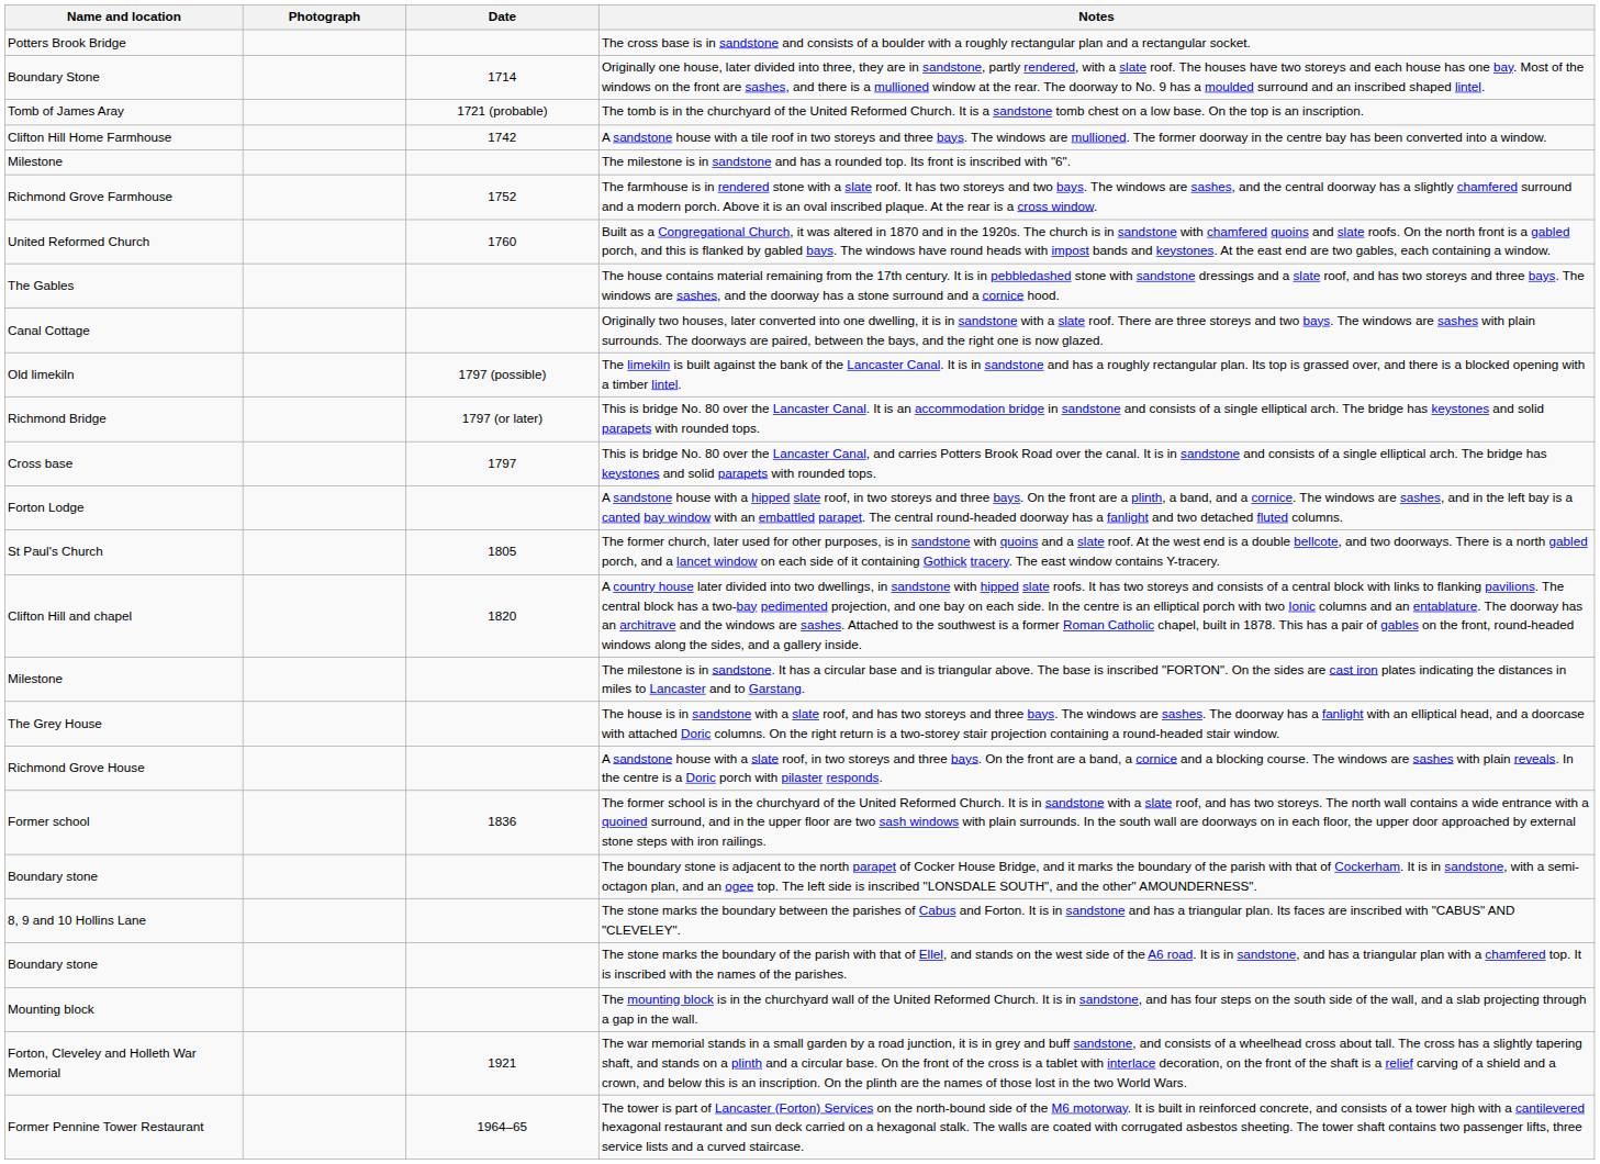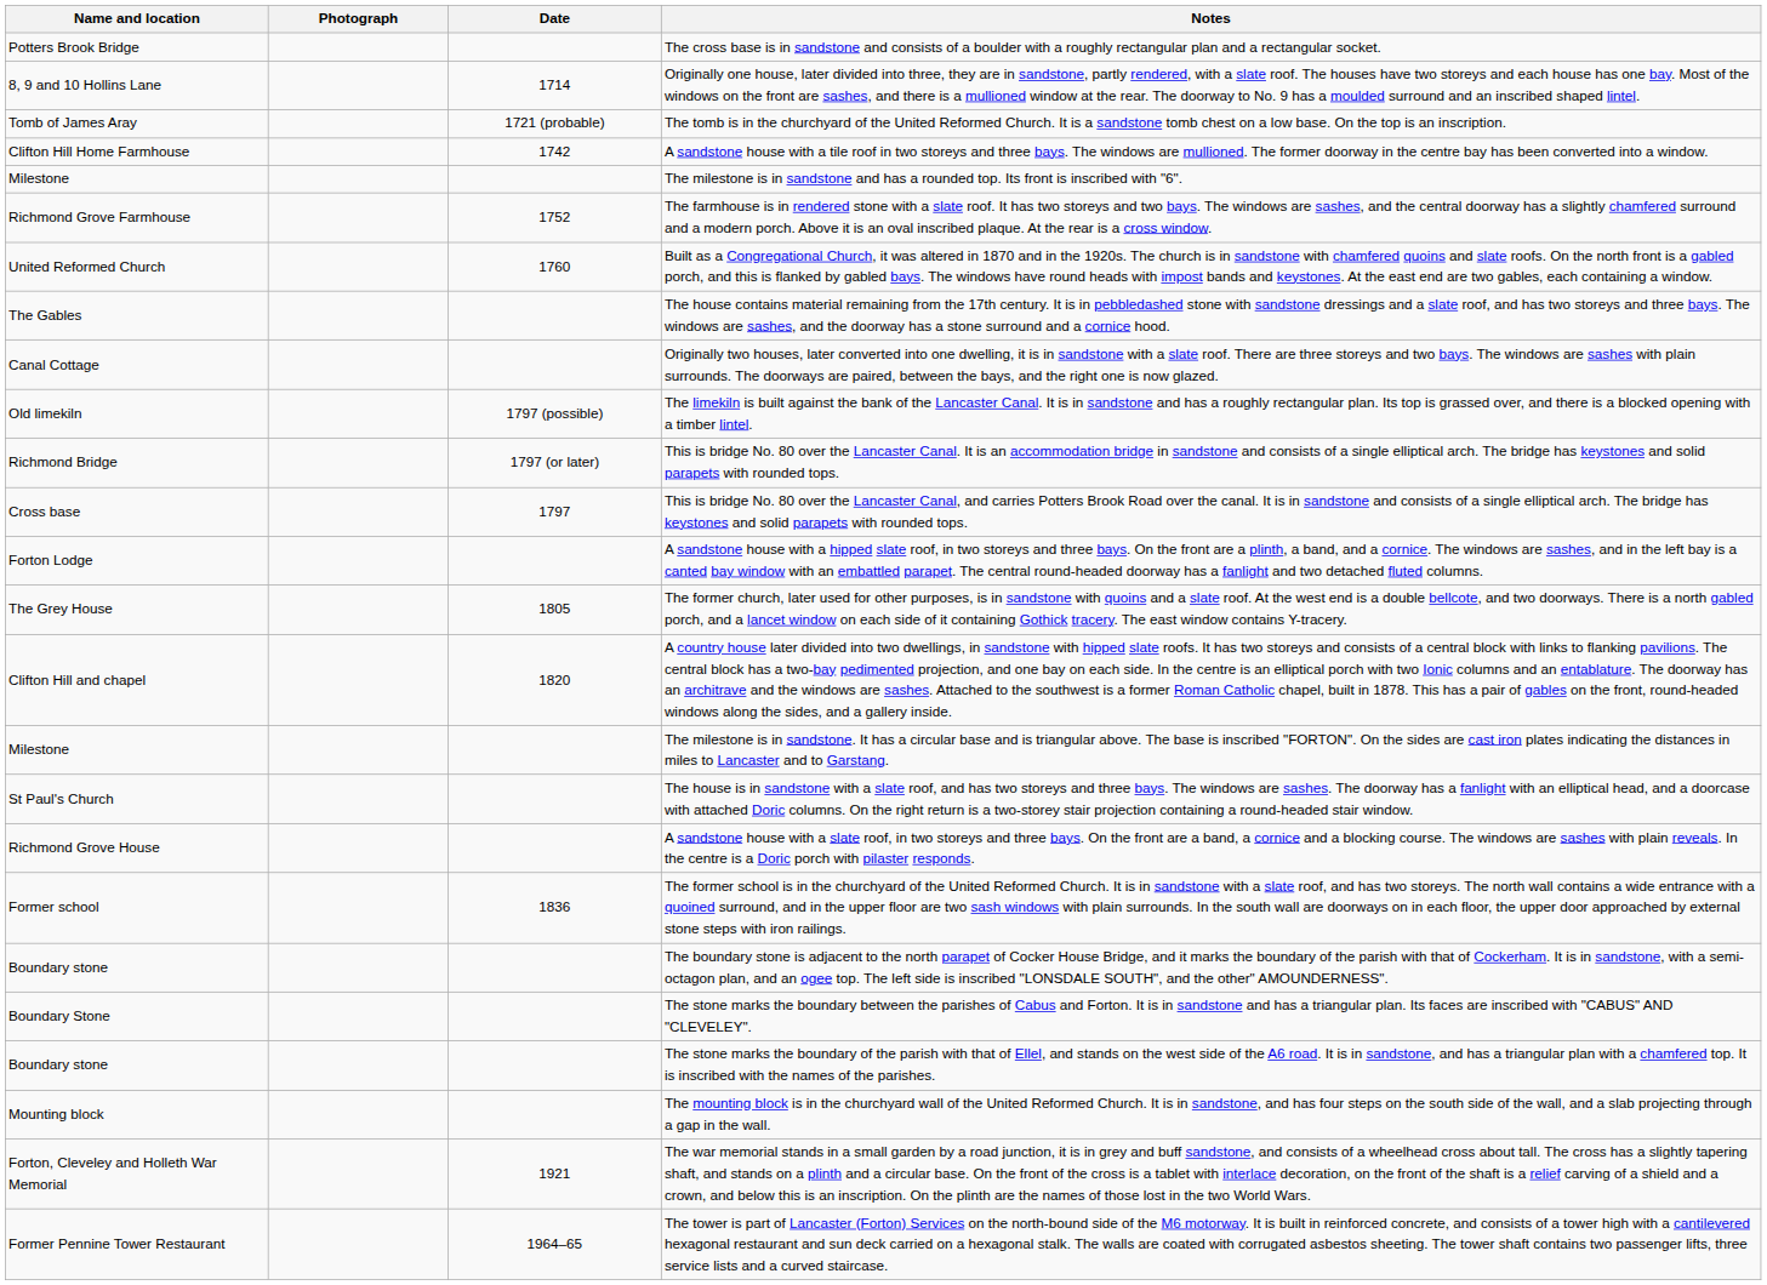 <table class="wikitable sortable plainrowheaders" style="width:100%;border:0px;text-align:left;line-height:150%;">
 <tr>
 <th scope="col"  style="width:150px">Name and location</th>
 <th scope="col"  style="width:100px" class="unsortable">Photograph</th>
 <th scope="col"  style="width:120px">Date</th>
 <th scope="col"  style="width:650px" class="unsortable">Notes</th>
 </tr>
 <tr>
 <td>Potters Brook Bridge<br><small></small></td>
 <td></td>
 <td align="center"></td>
 <td>The cross base is in <a href='#'>sandstone</a> and consists of a boulder with a roughly rectangular plan and a rectangular socket.</td>
 </tr>
 <tr>
-<td>Boundary Stone<br><small></small></td>
+<td>8, 9 and 10 Hollins Lane<br><small></small></td>
 <td></td>
 <td align="center">1714</td>
 <td>Originally one house, later divided into three, they are in <a href='#'>sandstone</a>, partly <a href='#'>rendered</a>, with a <a href='#'>slate</a> roof.  The houses have two storeys and each house has one <a href='#'>bay</a>.  Most of the windows on the front are <a href='#'>sashes</a>, and there is a <a href='#'>mullioned</a> window at the rear.  The doorway to No. 9 has a <a href='#'>moulded</a> surround and an inscribed shaped <a href='#'>lintel</a>.</td>
 </tr>
 <tr>
 <td>Tomb of James Aray<br><small></small></td>
 <td></td>
 <td align="center">1721 (probable)</td>
 <td>The tomb is in the churchyard of the United Reformed Church. It is a <a href='#'>sandstone</a> tomb chest on a low base.  On the top is an inscription.</td>
 </tr>
 <tr>
 <td>Clifton Hill Home Farmhouse<br><small></small></td>
 <td></td>
 <td align="center">1742</td>
 <td>A <a href='#'>sandstone</a> house with a tile roof in two storeys and three <a href='#'>bays</a>.  The windows are <a href='#'>mullioned</a>.  The former doorway in the centre bay has been converted into a window.</td>
 </tr>
 <tr>
 <td>Milestone<br><small></small></td>
 <td></td>
 <td align="center"></td>
 <td>The milestone is in <a href='#'>sandstone</a> and has a rounded top.  Its front is inscribed with "6".</td>
 </tr>
 <tr>
 <td>Richmond Grove Farmhouse<br><small></small></td>
 <td></td>
 <td align="center">1752</td>
 <td>The farmhouse is in <a href='#'>rendered</a> stone with a <a href='#'>slate</a> roof.  It has two storeys and two <a href='#'>bays</a>.  The windows are <a href='#'>sashes</a>, and the central doorway has a slightly <a href='#'>chamfered</a> surround and a modern porch.  Above it is an oval inscribed plaque. At the rear is a <a href='#'>cross window</a>.</td>
 </tr>
 <tr>
 <td>United Reformed Church<br><small></small></td>
 <td></td>
 <td align="center">1760</td>
 <td>Built as a <a href='#'>Congregational Church</a>, it was altered in 1870 and in the 1920s.  The church is in <a href='#'>sandstone</a> with <a href='#'>chamfered</a> <a href='#'>quoins</a> and <a href='#'>slate</a> roofs.  On the north front is a <a href='#'>gabled</a> porch, and this is flanked by gabled <a href='#'>bays</a>.  The windows have round heads with <a href='#'>impost</a> bands and <a href='#'>keystones</a>.  At the east end are two gables, each containing a window.</td>
 </tr>
 <tr>
 <td>The Gables<br><small></small></td>
 <td></td>
 <td align="center"></td>
 <td>The house contains material remaining from the 17th century.  It is in <a href='#'>pebbledashed</a> stone with <a href='#'>sandstone</a> dressings and a <a href='#'>slate</a> roof, and has two storeys and three <a href='#'>bays</a>.  The windows are <a href='#'>sashes</a>, and the doorway has a stone surround and a <a href='#'>cornice</a> hood.</td>
 </tr>
 <tr>
 <td>Canal Cottage<br><small></small></td>
 <td></td>
 <td align="center"></td>
 <td>Originally two houses, later converted into one dwelling, it is in <a href='#'>sandstone</a> with a <a href='#'>slate</a> roof.  There are three storeys and two <a href='#'>bays</a>.  The windows are <a href='#'>sashes</a> with plain surrounds.  The doorways are paired, between the bays, and the right one is now glazed.</td>
 </tr>
 <tr>
 <td>Old limekiln<br><small></small></td>
 <td></td>
 <td align="center">1797 (possible)</td>
 <td>The <a href='#'>limekiln</a> is built against the bank of the <a href='#'>Lancaster Canal</a>.  It is in <a href='#'>sandstone</a> and has a roughly rectangular plan.  Its top is grassed over, and there is a blocked opening with a timber <a href='#'>lintel</a>.</td>
 </tr>
 <tr>
 <td>Richmond Bridge<br><small></small></td>
 <td></td>
 <td align="center">1797 (or later)</td>
 <td>This is bridge No. 80 over the <a href='#'>Lancaster Canal</a>.  It is an <a href='#'>accommodation bridge</a> in <a href='#'>sandstone</a> and consists of a single elliptical arch.  The bridge has <a href='#'>keystones</a> and solid <a href='#'>parapets</a> with rounded tops.</td>
 </tr>
 <tr>
 <td>Cross base<br><small></small></td>
 <td></td>
 <td align="center">1797</td>
 <td>This is bridge No. 80 over the <a href='#'>Lancaster Canal</a>, and carries Potters Brook Road over the canal.  It is in <a href='#'>sandstone</a> and consists of a single elliptical arch.  The bridge has <a href='#'>keystones</a> and solid <a href='#'>parapets</a> with rounded tops.</td>
 </tr>
 <tr>
 <td>Forton Lodge<br><small></small></td>
 <td></td>
 <td align="center"></td>
 <td>A <a href='#'>sandstone</a> house with a <a href='#'>hipped</a> <a href='#'>slate</a> roof, in two storeys and three <a href='#'>bays</a>.  On the front are a <a href='#'>plinth</a>, a band, and a <a href='#'>cornice</a>.  The windows are <a href='#'>sashes</a>, and in the left bay is a <a href='#'>canted</a> <a href='#'>bay window</a> with an <a href='#'>embattled</a> <a href='#'>parapet</a>.  The central round-headed doorway has a <a href='#'>fanlight</a> and two detached <a href='#'>fluted</a> columns.</td>
 </tr>
 <tr>
-<td>St Paul's Church<br><small></small></td>
+<td>The Grey House<br><small></small></td>
 <td></td>
 <td align="center">1805</td>
 <td>The former church, later used for other purposes, is in <a href='#'>sandstone</a> with <a href='#'>quoins</a> and a <a href='#'>slate</a> roof.  At the west end is a double <a href='#'>bellcote</a>, and two doorways.  There is a north <a href='#'>gabled</a> porch, and a <a href='#'>lancet window</a> on each side of it containing <a href='#'>Gothick</a> <a href='#'>tracery</a>.  The east window contains Y-tracery.</td>
 </tr>
 <tr>
 <td>Clifton Hill and chapel<br><small></small></td>
 <td></td>
 <td align="center">1820</td>
 <td>A <a href='#'>country house</a> later divided into two dwellings, in <a href='#'>sandstone</a> with <a href='#'>hipped</a> <a href='#'>slate</a> roofs.  It has two storeys and consists of a central block with links to flanking <a href='#'>pavilions</a>.  The central block has a two-<a href='#'>bay</a> <a href='#'>pedimented</a> projection, and one bay on each side.  In the centre is an elliptical porch with two <a href='#'>Ionic</a> columns and an <a href='#'>entablature</a>.  The doorway has an <a href='#'>architrave</a> and the windows are <a href='#'>sashes</a>.  Attached to the southwest is a former <a href='#'>Roman Catholic</a> chapel, built in 1878.  This has a pair of <a href='#'>gables</a> on the front, round-headed windows along the sides, and a gallery inside.</td>
 </tr>
 <tr>
 <td>Milestone<br><small></small></td>
 <td></td>
 <td align="center"></td>
 <td>The milestone is in <a href='#'>sandstone</a>.  It has a circular base and is triangular above.  The base is inscribed "FORTON".  On the sides are <a href='#'>cast iron</a> plates indicating the distances in miles to <a href='#'>Lancaster</a> and to <a href='#'>Garstang</a>.</td>
 </tr>
 <tr>
-<td>The Grey House<br><small></small></td>
+<td>St Paul's Church<br><small></small></td>
 <td></td>
 <td align="center"></td>
 <td>The house is in <a href='#'>sandstone</a> with a <a href='#'>slate</a> roof, and has two storeys and three <a href='#'>bays</a>.  The windows are <a href='#'>sashes</a>.  The doorway has a <a href='#'>fanlight</a> with an elliptical head, and a doorcase with attached <a href='#'>Doric</a> columns.  On the right return is a two-storey stair projection containing a round-headed stair window.</td>
 </tr>
 <tr>
 <td>Richmond Grove House<br><small></small></td>
 <td></td>
 <td align="center"></td>
 <td>A <a href='#'>sandstone</a> house with a <a href='#'>slate</a> roof, in two storeys and three <a href='#'>bays</a>.  On the front are a band, a <a href='#'>cornice</a> and a blocking course.  The windows are <a href='#'>sashes</a> with plain <a href='#'>reveals</a>.  In the centre is a <a href='#'>Doric</a> porch with <a href='#'>pilaster</a> <a href='#'>responds</a>.</td>
 </tr>
 <tr>
 <td>Former school<br><small></small></td>
 <td></td>
 <td align="center">1836</td>
 <td>The former school is in the churchyard of the United Reformed Church.  It is in <a href='#'>sandstone</a> with a <a href='#'>slate</a> roof, and has two storeys.  The north wall contains a wide entrance with a <a href='#'>quoined</a> surround, and in the upper floor are two <a href='#'>sash windows</a> with plain surrounds.  In the south wall are doorways on in each floor, the upper door approached by external stone steps with iron railings.</td>
 </tr>
 <tr>
 <td>Boundary stone<br><small></small></td>
 <td></td>
 <td align="center"></td>
 <td>The boundary stone is adjacent to the north <a href='#'>parapet</a> of Cocker House Bridge, and it marks the boundary of the parish with that of <a href='#'>Cockerham</a>.  It is in <a href='#'>sandstone</a>, with a semi-octagon plan, and an <a href='#'>ogee</a> top.  The left side is inscribed "LONSDALE SOUTH", and the other" AMOUNDERNESS".</td>
 </tr>
 <tr>
-<td>8, 9 and 10 Hollins Lane<br><small></small></td>
+<td>Boundary Stone<br><small></small></td>
 <td></td>
 <td align="center"></td>
 <td>The stone marks the boundary between the parishes of <a href='#'>Cabus</a> and Forton.  It is in <a href='#'>sandstone</a> and has a triangular plan.  Its faces are inscribed with "CABUS" AND "CLEVELEY".</td>
 </tr>
 <tr>
 <td>Boundary stone<br><small></small></td>
 <td></td>
 <td align="center"></td>
 <td>The stone marks the boundary of the parish with that of <a href='#'>Ellel</a>, and stands on the west side of the <a href='#'>A6 road</a>.  It is in <a href='#'>sandstone</a>, and has a triangular plan with a <a href='#'>chamfered</a> top.  It is inscribed with the names of the parishes.</td>
 </tr>
 <tr>
 <td>Mounting block<br><small></small></td>
 <td></td>
 <td align="center"></td>
 <td>The <a href='#'>mounting block</a> is in the churchyard wall of the United Reformed Church.  It is in <a href='#'>sandstone</a>, and has four steps on the south side of the wall, and a slab projecting through a gap in the wall.</td>
 </tr>
 <tr>
 <td>Forton, Cleveley and Holleth War Memorial<br><small></small></td>
 <td></td>
 <td align="center">1921</td>
 <td>The war memorial stands in a small garden by a road junction, it is in grey and buff <a href='#'>sandstone</a>, and consists of a wheelhead cross about  tall.  The cross has a slightly tapering shaft, and stands on a <a href='#'>plinth</a> and a circular base.  On the front of the cross is a tablet with <a href='#'>interlace</a> decoration, on the front of the shaft is a <a href='#'>relief</a> carving of a shield and a crown, and below this is an inscription.  On the plinth are the names of those lost in the two World Wars.</td>
 </tr>
 <tr>
 <td>Former Pennine Tower Restaurant<br><small></small></td>
 <td></td>
 <td align="center">1964–65</td>
 <td>The tower is part of <a href='#'>Lancaster (Forton) Services</a> on the north-bound side of the <a href='#'>M6 motorway</a>.  It is built in reinforced concrete, and consists of a tower  high with a <a href='#'>cantilevered</a> hexagonal restaurant and sun deck carried on a hexagonal stalk.  The walls are coated with corrugated asbestos sheeting.  The tower shaft contains two passenger lifts, three service lists and a curved staircase.</td>
 </tr>
 <tr>
 </tr>
 </table>
